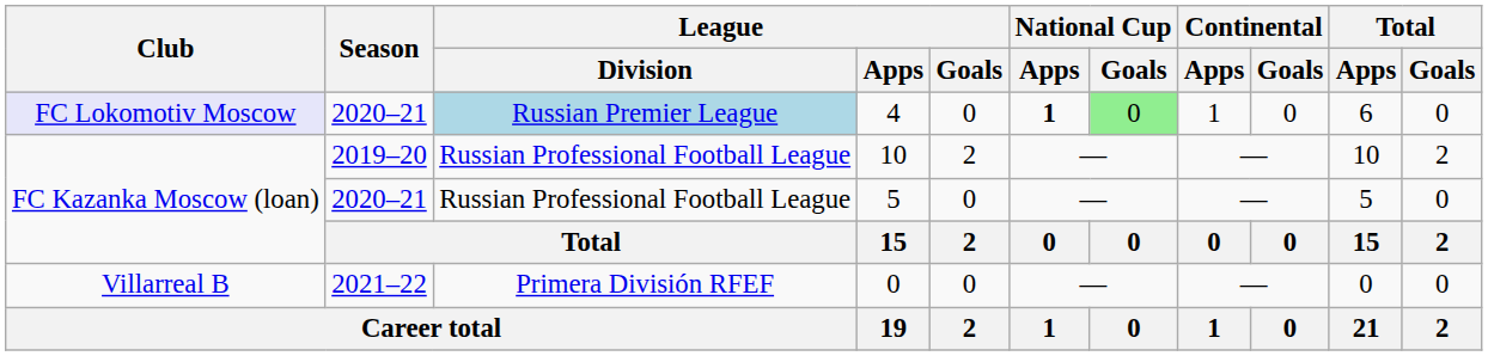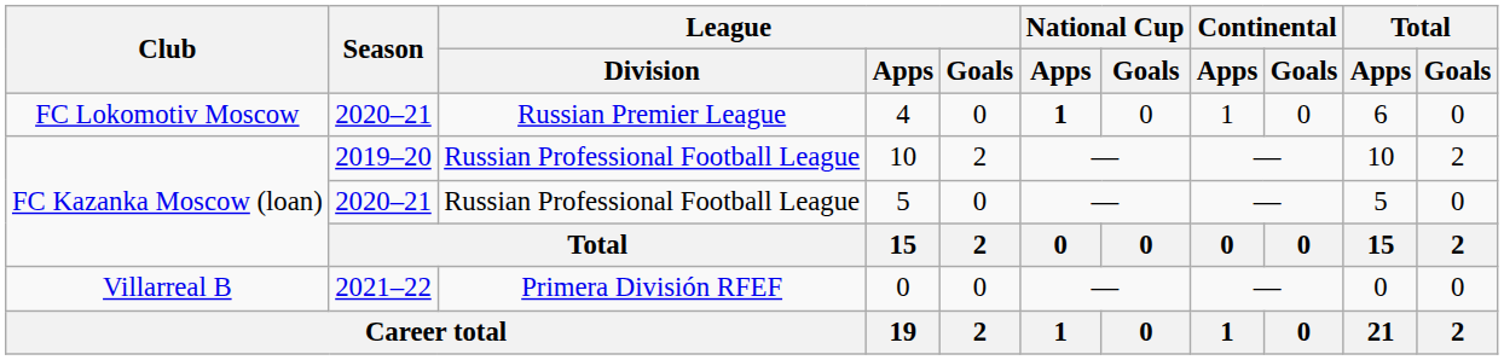 <table class="wikitable" style="text-align:center">
 <tr>
 <th rowspan="2">Club</th>
 <th rowspan="2">Season</th>
 <th colspan="3">League</th>
 <th colspan="2">National Cup</th>
 <th colspan="2">Continental</th>
 <th colspan="2">Total</th>
 </tr>
 <tr>
 <th>Division</th>
 <th>Apps</th>
 <th>Goals</th>
 <th>Apps</th>
 <th>Goals</th>
 <th>Apps</th>
 <th>Goals</th>
 <th>Apps</th>
 <th>Goals</th>
 </tr>
 <tr>
-<td style="background: lavender;"><a href='#'>FC Lokomotiv Moscow</a></td>
+<td><a href='#'>FC Lokomotiv Moscow</a></td>
 <td><a href='#'>2020–21</a></td>
-<td style="background: lightblue;"><a href='#'>Russian Premier League</a></td>
+<td><a href='#'>Russian Premier League</a></td>
 <td>4</td>
 <td>0</td>
 <td><strong>1</strong></td>
-<td style="background: lightgreen;">0</td>
+<td>0</td>
 <td>1</td>
 <td>0</td>
 <td>6</td>
 <td>0</td>
 </tr>
 <tr>
 <td rowspan="3"><a href='#'>FC Kazanka Moscow</a> (loan)</td>
 <td><a href='#'>2019–20</a></td>
 <td><a href='#'>Russian Professional Football League</a></td>
 <td>10</td>
 <td>2</td>
 <td colspan="2">—</td>
 <td colspan="2">—</td>
 <td>10</td>
 <td>2</td>
 </tr>
 <tr>
 <td><a href='#'>2020–21</a></td>
 <td>Russian Professional Football League</td>
 <td>5</td>
 <td>0</td>
 <td colspan="2">—</td>
 <td colspan="2">—</td>
 <td>5</td>
 <td>0</td>
 </tr>
 <tr>
 <th colspan="2">Total</th>
 <th>15</th>
 <th>2</th>
 <th>0</th>
 <th>0</th>
 <th>0</th>
 <th>0</th>
 <th>15</th>
 <th>2</th>
 </tr>
 <tr>
 <td><a href='#'>Villarreal B</a></td>
 <td><a href='#'>2021–22</a></td>
 <td><a href='#'>Primera División RFEF</a></td>
 <td>0</td>
 <td>0</td>
 <td colspan="2">—</td>
 <td colspan="2">—</td>
 <td>0</td>
 <td>0</td>
 </tr>
 <tr>
 <th colspan="3">Career total</th>
 <th>19</th>
 <th>2</th>
 <th>1</th>
 <th>0</th>
 <th>1</th>
 <th>0</th>
 <th>21</th>
 <th>2</th>
 </tr>
 </table>
